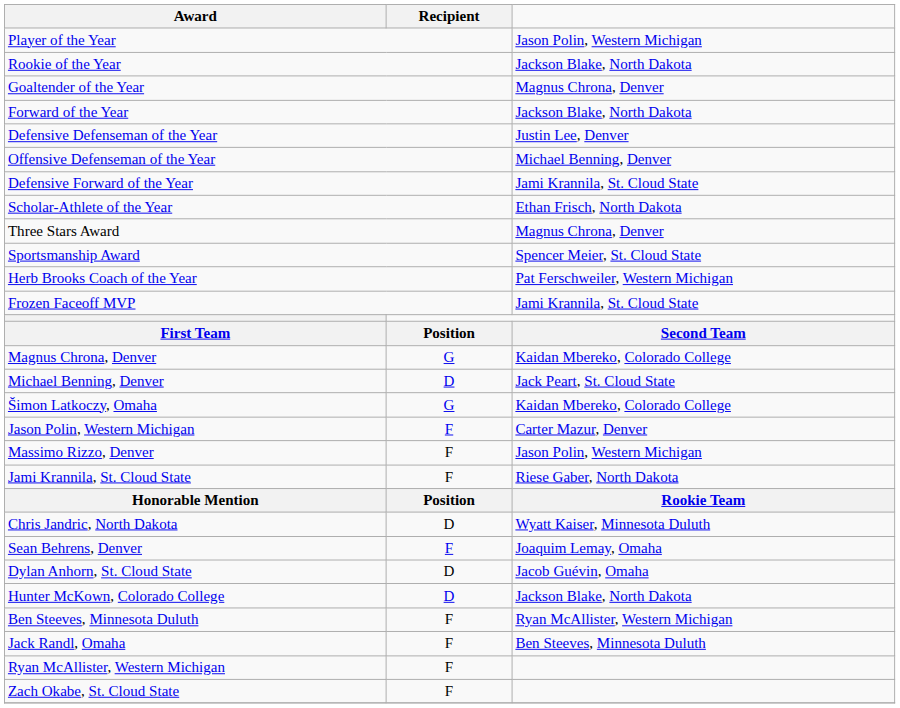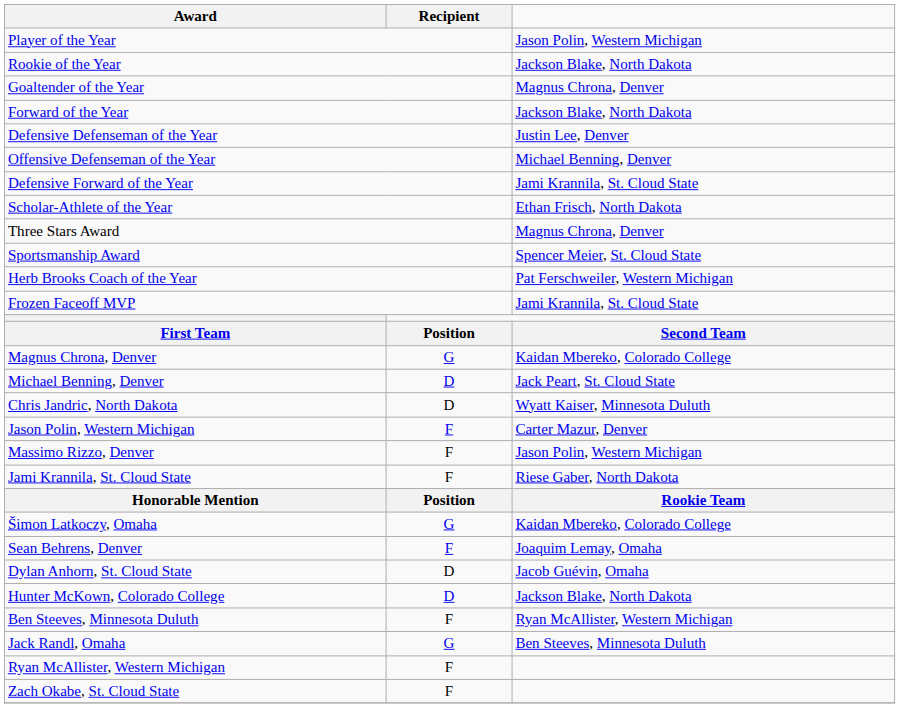 <table class="wikitable" width=75%>
 <tr>
 <th>Award</th>
 <th>Recipient </th>
 </tr>
 <tr>
 <td colspan=2><a href='#'>Player of the Year</a></td>
 <td><a href='#'>Jason Polin</a>, <a href='#'>Western Michigan</a></td>
 </tr>
 <tr>
 <td colspan=2><a href='#'>Rookie of the Year</a></td>
 <td><a href='#'>Jackson Blake</a>, <a href='#'>North Dakota</a></td>
 </tr>
 <tr>
 <td colspan=2><a href='#'>Goaltender of the Year</a></td>
 <td><a href='#'>Magnus Chrona</a>, <a href='#'>Denver</a></td>
 </tr>
 <tr>
 <td colspan=2><a href='#'>Forward of the Year</a></td>
 <td><a href='#'>Jackson Blake</a>, <a href='#'>North Dakota</a></td>
 </tr>
 <tr>
 <td colspan=2><a href='#'>Defensive Defenseman of the Year</a></td>
 <td><a href='#'>Justin Lee</a>, <a href='#'>Denver</a></td>
 </tr>
 <tr>
 <td colspan=2><a href='#'>Offensive Defenseman of the Year</a></td>
 <td><a href='#'>Michael Benning</a>, <a href='#'>Denver</a></td>
 </tr>
 <tr>
 <td colspan=2><a href='#'>Defensive Forward of the Year</a></td>
 <td><a href='#'>Jami Krannila</a>, <a href='#'>St. Cloud State</a></td>
 </tr>
 <tr>
 <td colspan=2><a href='#'>Scholar-Athlete of the Year</a></td>
 <td><a href='#'>Ethan Frisch</a>, <a href='#'>North Dakota</a></td>
 </tr>
 <tr>
 <td colspan=2>Three Stars Award</td>
 <td><a href='#'>Magnus Chrona</a>, <a href='#'>Denver</a></td>
 </tr>
 <tr>
 <td colspan=2><a href='#'>Sportsmanship Award</a></td>
 <td><a href='#'>Spencer Meier</a>, <a href='#'>St. Cloud State</a></td>
 </tr>
 <tr>
 <td colspan=2><a href='#'>Herb Brooks Coach of the Year</a></td>
 <td><a href='#'>Pat Ferschweiler</a>, <a href='#'>Western Michigan</a></td>
 </tr>
 <tr>
 <td colspan=2><a href='#'>Frozen Faceoff MVP</a></td>
 <td><a href='#'>Jami Krannila</a>, <a href='#'>St. Cloud State</a></td>
 </tr>
 <tr>
 <th><a href='#'></a></th>
 </tr>
 <tr>
 <th><a href='#'>First Team</a></th>
 <th>  Position  </th>
 <th><a href='#'>Second Team</a></th>
 </tr>
 <tr>
 <td><a href='#'>Magnus Chrona</a>, <a href='#'>Denver</a></td>
 <td align=center><a href='#'>G</a></td>
 <td><a href='#'>Kaidan Mbereko</a>, <a href='#'>Colorado College</a></td>
 </tr>
 <tr>
 <td><a href='#'>Michael Benning</a>, <a href='#'>Denver</a></td>
 <td align=center><a href='#'>D</a></td>
 <td><a href='#'>Jack Peart</a>, <a href='#'>St. Cloud State</a></td>
 </tr>
 <tr>
-<td><a href='#'>Šimon Latkoczy</a>, <a href='#'>Omaha</a></td>
-<td align=center><a href='#'>G</a></td>
-<td><a href='#'>Kaidan Mbereko</a>, <a href='#'>Colorado College</a></td>
+<td><a href='#'>Chris Jandric</a>, <a href='#'>North Dakota</a></td>
+<td align=center>D</td>
+<td><a href='#'>Wyatt Kaiser</a>, <a href='#'>Minnesota Duluth</a></td>
 </tr>
 <tr>
 <td><a href='#'>Jason Polin</a>, <a href='#'>Western Michigan</a></td>
 <td align=center><a href='#'>F</a></td>
 <td><a href='#'>Carter Mazur</a>, <a href='#'>Denver</a></td>
 </tr>
 <tr>
 <td><a href='#'>Massimo Rizzo</a>, <a href='#'>Denver</a></td>
 <td align=center>F</td>
 <td><a href='#'>Jason Polin</a>, <a href='#'>Western Michigan</a></td>
 </tr>
 <tr>
 <td><a href='#'>Jami Krannila</a>, <a href='#'>St. Cloud State</a></td>
 <td align=center>F</td>
 <td><a href='#'>Riese Gaber</a>, <a href='#'>North Dakota</a></td>
 </tr>
 <tr>
 <th>Honorable Mention</th>
 <th>  Position  </th>
 <th><a href='#'>Rookie Team</a></th>
 </tr>
 <tr>
-<td><a href='#'>Chris Jandric</a>, <a href='#'>North Dakota</a></td>
-<td align=center>D</td>
-<td><a href='#'>Wyatt Kaiser</a>, <a href='#'>Minnesota Duluth</a></td>
+<td><a href='#'>Šimon Latkoczy</a>, <a href='#'>Omaha</a></td>
+<td align=center><a href='#'>G</a></td>
+<td><a href='#'>Kaidan Mbereko</a>, <a href='#'>Colorado College</a></td>
 </tr>
 <tr>
 <td><a href='#'>Sean Behrens</a>, <a href='#'>Denver</a></td>
 <td align=center><a href='#'>F</a></td>
 <td><a href='#'>Joaquim Lemay</a>, <a href='#'>Omaha</a></td>
 </tr>
 <tr>
 <td><a href='#'>Dylan Anhorn</a>, <a href='#'>St. Cloud State</a></td>
 <td align=center>D</td>
 <td><a href='#'>Jacob Guévin</a>, <a href='#'>Omaha</a></td>
 </tr>
 <tr>
 <td><a href='#'>Hunter McKown</a>, <a href='#'>Colorado College</a></td>
 <td align=center><a href='#'>D</a></td>
 <td><a href='#'>Jackson Blake</a>, <a href='#'>North Dakota</a></td>
 </tr>
 <tr>
 <td><a href='#'>Ben Steeves</a>, <a href='#'>Minnesota Duluth</a></td>
 <td align=center>F</td>
 <td><a href='#'>Ryan McAllister</a>, <a href='#'>Western Michigan</a></td>
 </tr>
 <tr>
 <td><a href='#'>Jack Randl</a>, <a href='#'>Omaha</a></td>
-<td align=center>F</td>
+<td align=center><a href='#'>G</a></td>
 <td><a href='#'>Ben Steeves</a>, <a href='#'>Minnesota Duluth</a></td>
 </tr>
 <tr>
 <td><a href='#'>Ryan McAllister</a>, <a href='#'>Western Michigan</a></td>
 <td align=center>F</td>
 <td></td>
 </tr>
 <tr>
 <td><a href='#'>Zach Okabe</a>, <a href='#'>St. Cloud State</a></td>
 <td align=center>F</td>
 <td></td>
 </tr>
 <tr>
 </tr>
 </table>
